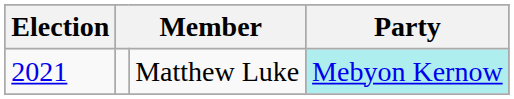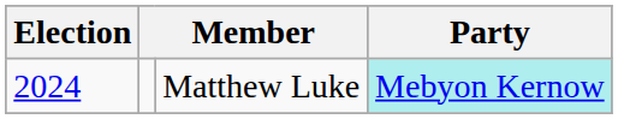 <table class="wikitable">
 <tr>
 <th>Election</th>
 <th colspan="2">Member</th>
 <th>Party</th>
 </tr>
 <tr>
-<td><a href='#'>2021</a></td>
+<td><a href='#'>2024</a></td>
 <td rowspan="1" style="background-color: "></td>
 <td rowspan="1">Matthew Luke</td>
 <td rowspan="1" style="background: paleturquoise;"><a href='#'>Mebyon Kernow</a></td>
 </tr>
 </table>
